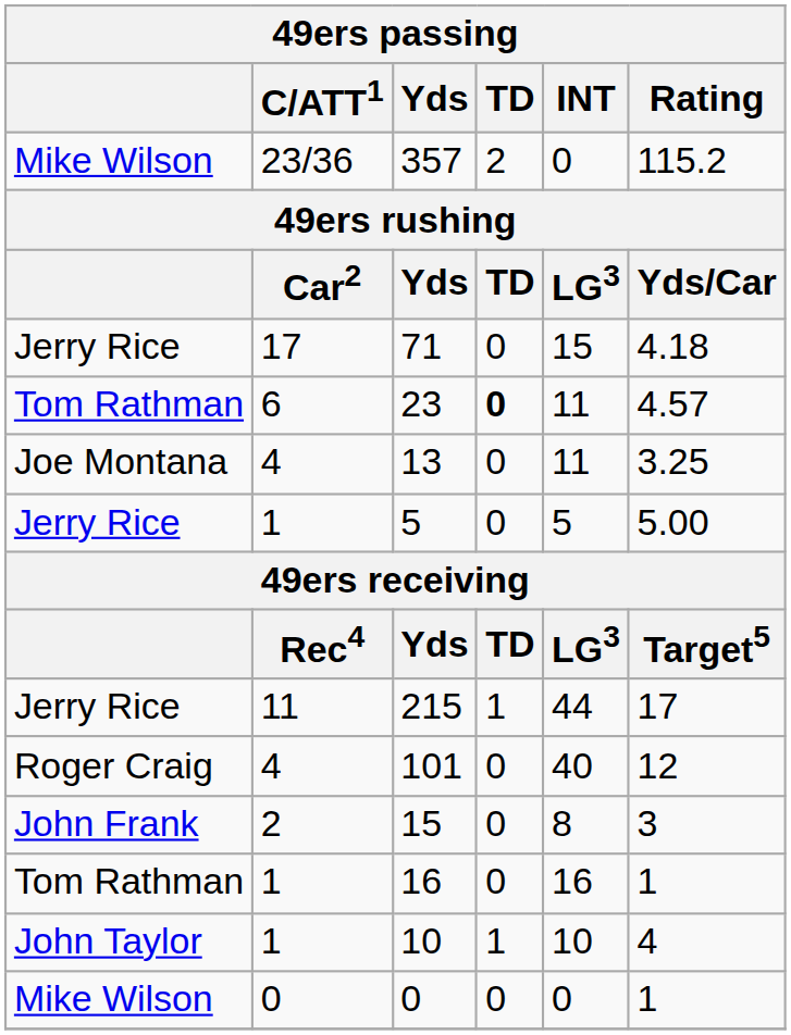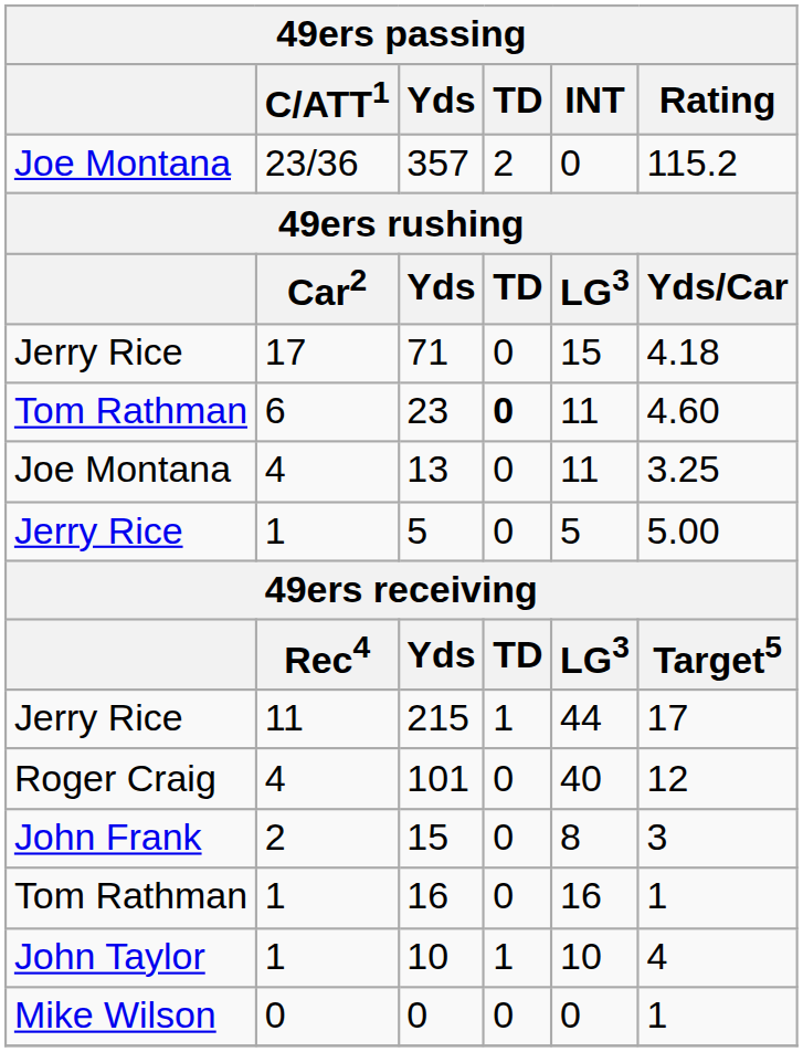 <table class="wikitable">
 <tr>
 <th colspan="6">49ers passing</th>
 </tr>
 <tr>
 <th></th>
 <th>C/ATT<sup>1</sup></th>
 <th>Yds</th>
 <th>TD</th>
 <th>INT</th>
 <th>Rating</th>
 </tr>
 <tr>
-<td><a href='#'>Mike Wilson</a></td>
+<td><a href='#'>Joe Montana</a></td>
 <td>23/36</td>
 <td>357</td>
 <td>2</td>
 <td>0</td>
 <td>115.2</td>
 </tr>
 <tr>
 <th colspan="6">49ers rushing</th>
 </tr>
 <tr>
 <th></th>
 <th>Car<sup>2</sup></th>
 <th>Yds</th>
 <th>TD</th>
 <th>LG<sup>3</sup></th>
 <th>Yds/Car</th>
 </tr>
 <tr>
 <td>Jerry Rice</td>
 <td>17</td>
 <td>71</td>
 <td>0</td>
 <td>15</td>
 <td>4.18</td>
 </tr>
 <tr>
 <td><a href='#'>Tom Rathman</a></td>
 <td>6</td>
 <td>23</td>
 <td><strong>0</strong></td>
 <td>11</td>
-<td>4.57</td>
+<td>4.60</td>
 </tr>
 <tr>
 <td>Joe Montana</td>
 <td>4</td>
 <td>13</td>
 <td>0</td>
 <td>11</td>
 <td>3.25</td>
 </tr>
 <tr>
 <td><a href='#'>Jerry Rice</a></td>
 <td>1</td>
 <td>5</td>
 <td>0</td>
 <td>5</td>
 <td>5.00</td>
 </tr>
 <tr>
 <th colspan="6">49ers receiving</th>
 </tr>
 <tr>
 <th></th>
 <th>Rec<sup>4</sup></th>
 <th>Yds</th>
 <th>TD</th>
 <th>LG<sup>3</sup></th>
 <th>Target<sup>5</sup></th>
 </tr>
 <tr>
 <td>Jerry Rice</td>
 <td>11</td>
 <td>215</td>
 <td>1</td>
 <td>44</td>
 <td>17</td>
 </tr>
 <tr>
 <td>Roger Craig</td>
 <td>4</td>
 <td>101</td>
 <td>0</td>
 <td>40</td>
 <td>12</td>
 </tr>
 <tr>
 <td><a href='#'>John Frank</a></td>
 <td>2</td>
 <td>15</td>
 <td>0</td>
 <td>8</td>
 <td>3</td>
 </tr>
 <tr>
 <td>Tom Rathman</td>
 <td>1</td>
 <td>16</td>
 <td>0</td>
 <td>16</td>
 <td>1</td>
 </tr>
 <tr>
 <td><a href='#'>John Taylor</a></td>
 <td>1</td>
 <td>10</td>
 <td>1</td>
 <td>10</td>
 <td>4</td>
 </tr>
 <tr>
 <td><a href='#'>Mike Wilson</a></td>
 <td>0</td>
 <td>0</td>
 <td>0</td>
 <td>0</td>
 <td>1</td>
 </tr>
 <tr>
 </tr>
 </table>
